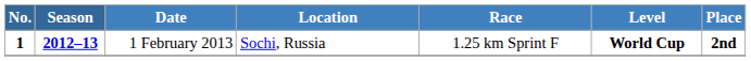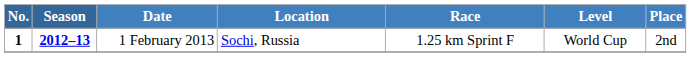 <table class="wikitable sortable" style="font-size:95%; text-align:center; border:grey solid 1px; border-collapse:collapse; background:#ffffff;">
 <tr style="background:#efefef;">
 <th style="background-color:#369; color:white;">No.</th>
 <th style="background-color:#369; color:white;">Season</th>
 <th style="background-color:#4180be; color:white; width:120px;">Date</th>
 <th style="background-color:#4180be; color:white; width:170px;">Location</th>
 <th style="background-color:#4180be; color:white; width:160px;">Race</th>
 <th style="background-color:#4180be; color:white; width:100px;">Level</th>
 <th style="background-color:#4180be; color:white;">Place</th>
 </tr>
 <tr>
 <td align=center><strong>1</strong></td>
 <td rowspan=1 align=center><strong> <a href='#'>2012–13</a> </strong></td>
 <td align=right>1 February 2013</td>
 <td align=left> <a href='#'>Sochi</a>, Russia</td>
 <td>1.25 km Sprint F</td>
-<td><strong>World Cup</strong></td>
-<td><strong>2nd</strong></td>
+<td>World Cup</td>
+<td>2nd</td>
 </tr>
 <tr>
 </tr>
 </table>
